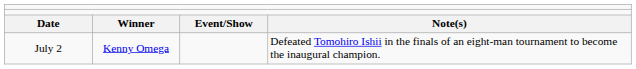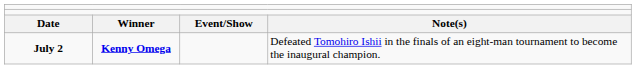 <table class="wikitable" style="text-align:center; width:100%;">
 <tr>
 <td colspan="5"></td>
 </tr>
 <tr>
 <td colspan="5"><strong></strong></td>
 </tr>
 <tr>
 <th width=14%>Date</th>
 <th width=14%>Winner</th>
 <th width=14%>Event/Show</th>
 <th width=58%>Note(s)</th>
 </tr>
 <tr>
-<td>July 2</td>
-<td><a href='#'>Kenny Omega</a></td>
+<td><strong>July 2</strong></td>
+<td><strong><a href='#'>Kenny Omega</a></strong></td>
 <td></td>
 <td align=left>Defeated <a href='#'>Tomohiro Ishii</a> in the finals of an eight-man tournament to become the inaugural champion.</td>
 </tr>
 </table>
